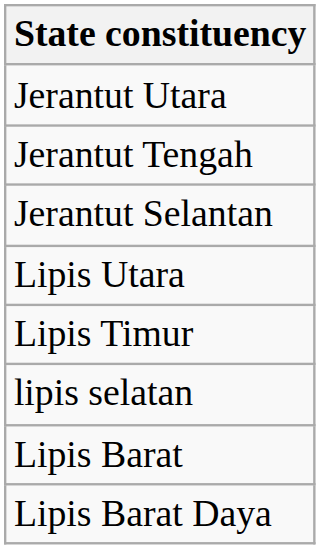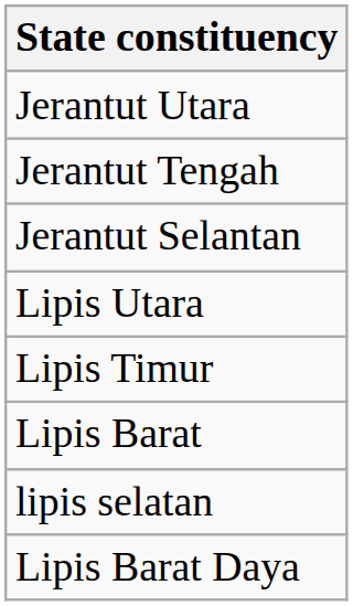 <table class=wikitable>
 <tr>
 <th>State constituency</th>
 </tr>
 <tr>
 <td>Jerantut Utara</td>
 </tr>
 <tr>
 <td>Jerantut Tengah</td>
 </tr>
 <tr>
 <td>Jerantut Selantan</td>
 </tr>
 <tr>
 <td>Lipis Utara</td>
 </tr>
 <tr>
 <td>Lipis Timur</td>
 </tr>
 <tr>
-<td>lipis selatan</td>
+<td>Lipis Barat</td>
 </tr>
 <tr>
-<td>Lipis Barat</td>
+<td>lipis selatan</td>
 </tr>
 <tr>
 <td>Lipis Barat Daya</td>
 </tr>
 </table>
